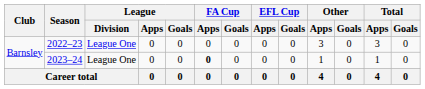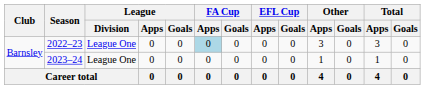 <table class="wikitable" style="text-align:center">
 <tr>
 <th rowspan="2">Club</th>
 <th rowspan="2">Season</th>
 <th colspan="3">League</th>
 <th colspan="2"><a href='#'>FA Cup</a></th>
 <th colspan="2"><a href='#'>EFL Cup</a></th>
 <th colspan="2">Other</th>
 <th colspan="2">Total</th>
 </tr>
 <tr>
 <th>Division</th>
 <th>Apps</th>
 <th>Goals</th>
 <th>Apps</th>
 <th>Goals</th>
 <th>Apps</th>
 <th>Goals</th>
 <th>Apps</th>
 <th>Goals</th>
 <th>Apps</th>
 <th>Goals</th>
 </tr>
 <tr>
 <td rowspan="2"><a href='#'>Barnsley</a></td>
 <td><a href='#'>2022–23</a></td>
 <td><a href='#'>League One</a></td>
 <td>0</td>
 <td>0</td>
-<td>0</td>
+<td style="background: lightblue;">0</td>
 <td>0</td>
 <td>0</td>
 <td>0</td>
 <td>3</td>
 <td>0</td>
 <td>3</td>
 <td>0</td>
 </tr>
 <tr>
 <td><a href='#'>2023–24</a></td>
 <td>League One</td>
 <td>0</td>
 <td>0</td>
-<td><strong>0</strong></td>
+<td>0</td>
 <td>0</td>
 <td>0</td>
 <td>0</td>
 <td>1</td>
 <td>0</td>
 <td>1</td>
 <td>0</td>
 </tr>
 <tr>
 <th colspan="3">Career total</th>
 <th>0</th>
 <th>0</th>
 <th>0</th>
 <th>0</th>
 <th>0</th>
 <th>0</th>
 <th>4</th>
 <th>0</th>
 <th>4</th>
 <th>0</th>
 </tr>
 </table>
